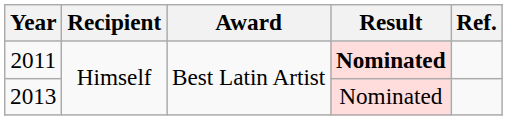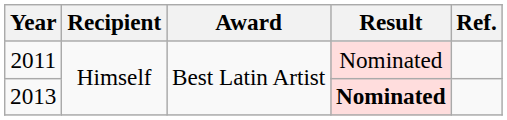 <table class="wikitable">
 <tr>
 <th align="center">Year</th>
 <th align="center">Recipient</th>
 <th align="center">Award</th>
 <th align="center">Result</th>
 <th align="center">Ref.</th>
 </tr>
 <tr>
 <td align="center">2011</td>
 <td rowspan="2" align="center">Himself</td>
 <td align="center" rowspan="2">Best Latin Artist</td>
-<td align="center" style="background-color: #FDD"><strong>Nominated</strong></td>
+<td align="center" style="background-color: #FDD">Nominated</td>
 <td align="center"></td>
 </tr>
 <tr>
 <td align="center">2013</td>
-<td align="center" style="background-color: #FDD">Nominated</td>
+<td align="center" style="background-color: #FDD"><strong>Nominated</strong></td>
 <td align="center"></td>
 </tr>
 </table>
